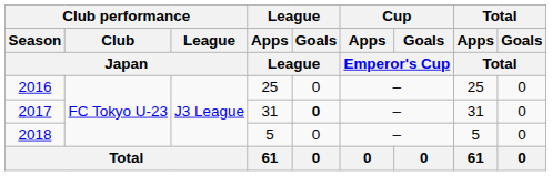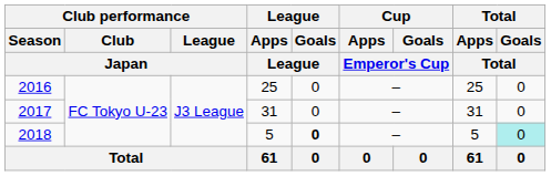 <table class="wikitable" style="text-align:center;">
 <tr>
 <th colspan=3>Club performance</th>
 <th colspan=2>League</th>
 <th colspan=2>Cup</th>
 <th colspan=2>Total</th>
 </tr>
 <tr>
 <th>Season</th>
 <th>Club</th>
 <th>League</th>
 <th>Apps</th>
 <th>Goals</th>
 <th>Apps</th>
 <th>Goals</th>
 <th>Apps</th>
 <th>Goals</th>
 </tr>
 <tr>
 <th colspan=3>Japan</th>
 <th colspan=2>League</th>
 <th colspan=2><a href='#'>Emperor's Cup</a></th>
 <th colspan=2>Total</th>
 </tr>
 <tr>
 <td><a href='#'>2016</a></td>
 <td rowspan="3"><a href='#'>FC Tokyo U-23</a></td>
 <td rowspan="3"><a href='#'>J3 League</a></td>
 <td>25</td>
 <td>0</td>
 <td colspan="2">–</td>
 <td>25</td>
 <td>0</td>
 </tr>
 <tr>
 <td><a href='#'>2017</a></td>
 <td>31</td>
-<td><strong>0</strong></td>
+<td>0</td>
 <td colspan="2">–</td>
 <td>31</td>
 <td>0</td>
 </tr>
 <tr>
 <td><a href='#'>2018</a></td>
 <td>5</td>
-<td>0</td>
+<td><strong>0</strong></td>
 <td colspan="2">–</td>
 <td>5</td>
-<td>0</td>
+<td style="background: paleturquoise;">0</td>
 </tr>
 <tr>
 <th colspan=3>Total</th>
 <th>61</th>
 <th>0</th>
 <th>0</th>
 <th>0</th>
 <th>61</th>
 <th>0</th>
 </tr>
 </table>
